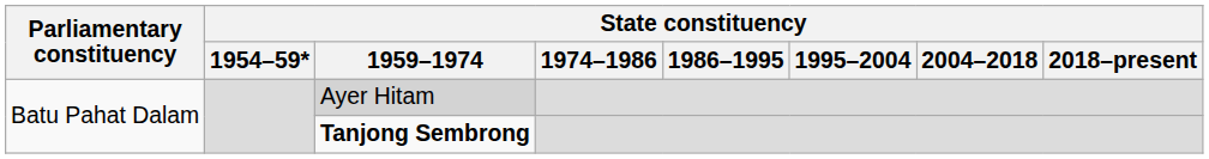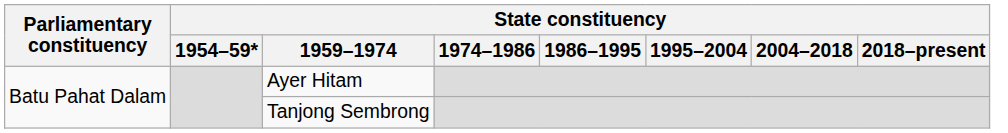 <table class="wikitable">
 <tr>
 <th rowspan="2">Parliamentary<br>constituency</th>
 <th colspan="7">State constituency</th>
 </tr>
 <tr>
 <th>1954–59*</th>
 <th>1959–1974</th>
 <th>1974–1986</th>
 <th>1986–1995</th>
 <th>1995–2004</th>
 <th>2004–2018</th>
 <th>2018–present</th>
 </tr>
 <tr>
 <td rowspan="2">Batu Pahat Dalam</td>
 <td rowspan="2" bgcolor="dcdcdc"></td>
-<td style="background: lightgrey;">Ayer Hitam</td>
+<td>Ayer Hitam</td>
 <td colspan="5" bgcolor="dcdcdc"></td>
 </tr>
 <tr>
-<td><strong>Tanjong Sembrong</strong></td>
+<td>Tanjong Sembrong</td>
 <td colspan="5" bgcolor="dcdcdc"></td>
 </tr>
 </table>
